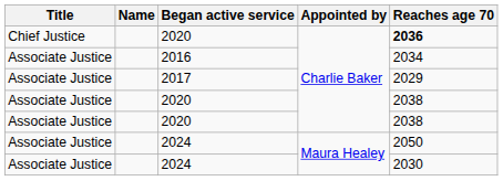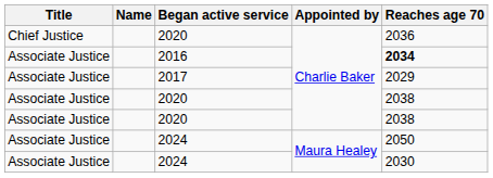 <table class="sortable wikitable">
 <tr>
 <th>Title</th>
 <th>Name</th>
 <th>Began active service</th>
 <th>Appointed by</th>
 <th>Reaches age 70</th>
 </tr>
 <tr>
 <td>Chief Justice</td>
 <td></td>
 <td>2020</td>
 <td rowspan="5"><a href='#'>Charlie Baker</a></td>
-<td><strong>2036</strong></td>
+<td>2036</td>
 </tr>
 <tr>
 <td>Associate Justice</td>
 <td></td>
 <td>2016</td>
-<td>2034</td>
+<td><strong>2034</strong></td>
 </tr>
 <tr>
 <td>Associate Justice</td>
 <td></td>
 <td>2017</td>
 <td>2029</td>
 </tr>
 <tr>
 <td>Associate Justice</td>
 <td></td>
 <td>2020</td>
 <td>2038</td>
 </tr>
 <tr>
 <td>Associate Justice</td>
 <td></td>
 <td>2020</td>
 <td>2038</td>
 </tr>
 <tr>
 <td>Associate Justice</td>
 <td></td>
 <td>2024</td>
 <td rowspan="2"><a href='#'>Maura Healey</a></td>
 <td>2050</td>
 </tr>
 <tr>
 <td>Associate Justice</td>
 <td></td>
 <td>2024</td>
 <td>2030</td>
 </tr>
 </table>
